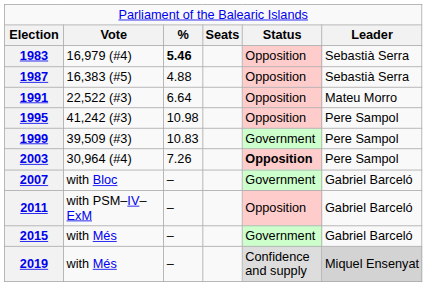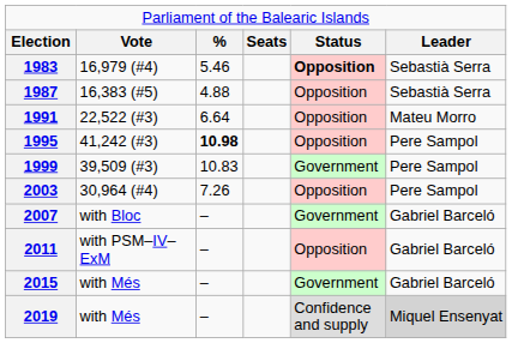 <table class="wikitable" style="font-size:97%;">
 <tr>
 <td align="center" colspan="6"><a href='#'>Parliament of the Balearic Islands</a></td>
 </tr>
 <tr>
 <th width="65">Election</th>
 <th width="115">Vote</th>
 <th width="40">%</th>
 <th>Seats</th>
 <th width="90">Status</th>
 <th>Leader</th>
 </tr>
 <tr>
 <th><a href='#'>1983</a></th>
 <td>16,979 (#4)</td>
-<td><strong>5.46</strong></td>
+<td>5.46</td>
 <td></td>
-<td style="background-color:#fcc;">Opposition</td>
+<td style="background-color:#fcc;"><strong>Opposition</strong></td>
 <td>Sebastià Serra</td>
 </tr>
 <tr>
 <th><a href='#'>1987</a></th>
 <td>16,383 (#5)</td>
 <td>4.88</td>
 <td></td>
 <td style="background-color:#fcc;">Opposition</td>
 <td>Sebastià Serra</td>
 </tr>
 <tr>
 <th><a href='#'>1991</a></th>
 <td>22,522 (#3)</td>
 <td>6.64</td>
 <td></td>
 <td style="background-color:#fcc;">Opposition</td>
 <td>Mateu Morro</td>
 </tr>
 <tr>
 <th><a href='#'>1995</a></th>
 <td>41,242 (#3)</td>
-<td>10.98</td>
+<td><strong>10.98</strong></td>
 <td></td>
 <td style="background-color:#fcc;">Opposition</td>
 <td>Pere Sampol</td>
 </tr>
 <tr>
 <th><a href='#'>1999</a></th>
 <td>39,509 (#3)</td>
 <td>10.83</td>
 <td></td>
 <td style="background-color:#cfc;">Government</td>
 <td>Pere Sampol</td>
 </tr>
 <tr>
 <th><a href='#'>2003</a></th>
 <td>30,964 (#4)</td>
 <td>7.26</td>
 <td></td>
-<td style="background-color:#fcc;"><strong>Opposition</strong></td>
+<td style="background-color:#fcc;">Opposition</td>
 <td>Pere Sampol</td>
 </tr>
 <tr>
 <th><a href='#'>2007</a></th>
 <td>with <a href='#'>Bloc</a></td>
 <td>–</td>
 <td></td>
 <td style="background-color:#cfc;">Government</td>
 <td>Gabriel Barceló</td>
 </tr>
 <tr>
 <th><a href='#'>2011</a></th>
 <td>with PSM–<a href='#'>IV</a>–<a href='#'>ExM</a></td>
 <td>–</td>
 <td></td>
 <td style="background-color:#fcc;">Opposition</td>
 <td>Gabriel Barceló</td>
 </tr>
 <tr>
 <th><a href='#'>2015</a></th>
 <td>with <a href='#'>Més</a></td>
 <td>–</td>
 <td></td>
 <td style="background-color:#cfc;">Government</td>
 <td>Gabriel Barceló</td>
 </tr>
 <tr>
 <th><a href='#'>2019</a></th>
 <td>with <a href='#'>Més</a></td>
 <td>–</td>
 <td></td>
 <td style="background-color:#ddd;">Confidence and supply</td>
 <td style="background: lightgrey;">Miquel Ensenyat</td>
 </tr>
 </table>
